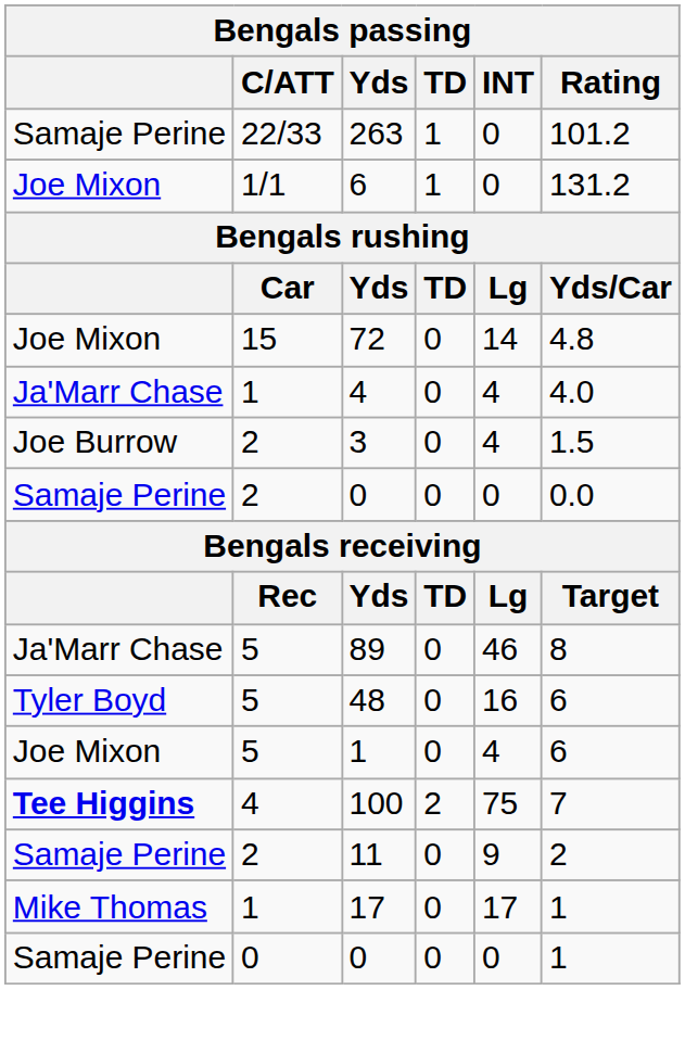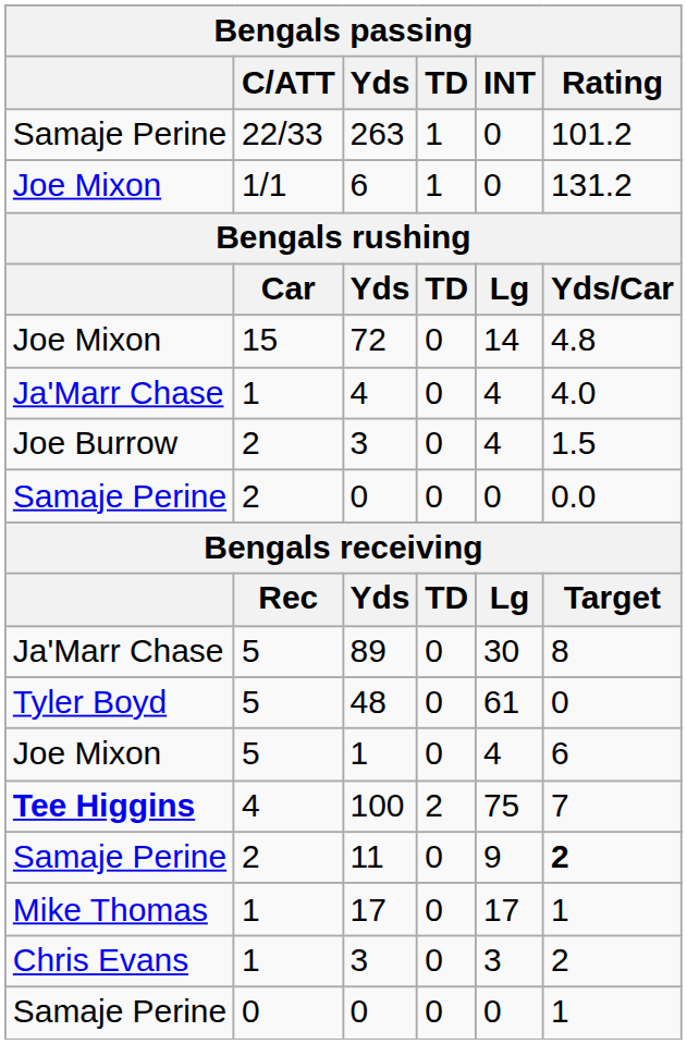 <table class="wikitable plainrowheaders">
 <tr>
 <th colspan="6">Bengals passing</th>
 </tr>
 <tr>
 <th scope="col"></th>
 <th scope="col">C/ATT</th>
 <th scope="col">Yds</th>
 <th scope="col">TD</th>
 <th scope="col">INT</th>
 <th scope="col">Rating</th>
 </tr>
 <tr>
 <td>Samaje Perine</td>
 <td>22/33</td>
 <td>263</td>
 <td>1</td>
 <td>0</td>
 <td>101.2</td>
 </tr>
 <tr>
 <td><a href='#'>Joe Mixon</a></td>
 <td>1/1</td>
 <td>6</td>
 <td>1</td>
 <td>0</td>
 <td>131.2</td>
 </tr>
 <tr>
 <th colspan="6">Bengals rushing</th>
 </tr>
 <tr>
 <th scope="col"></th>
 <th scope="col">Car</th>
 <th scope="col">Yds</th>
 <th scope="col">TD</th>
 <th scope="col">Lg</th>
 <th scope="col">Yds/Car</th>
 </tr>
 <tr>
 <td>Joe Mixon</td>
 <td>15</td>
 <td>72</td>
 <td>0</td>
 <td>14</td>
 <td>4.8</td>
 </tr>
 <tr>
 <td><a href='#'>Ja'Marr Chase</a></td>
 <td>1</td>
 <td>4</td>
 <td>0</td>
 <td>4</td>
 <td>4.0</td>
 </tr>
 <tr>
 <td>Joe Burrow</td>
 <td>2</td>
 <td>3</td>
 <td>0</td>
 <td>4</td>
 <td>1.5</td>
 </tr>
 <tr>
 <td><a href='#'>Samaje Perine</a></td>
 <td>2</td>
 <td>0</td>
 <td>0</td>
 <td>0</td>
 <td>0.0</td>
 </tr>
 <tr>
 <th colspan="6">Bengals receiving</th>
 </tr>
 <tr>
 <th scope="col"></th>
 <th scope="col">Rec</th>
 <th scope="col">Yds</th>
 <th scope="col">TD</th>
 <th scope="col">Lg</th>
 <th scope="col">Target</th>
 </tr>
 <tr>
 <td>Ja'Marr Chase</td>
 <td>5</td>
 <td>89</td>
 <td>0</td>
-<td>46</td>
+<td>30</td>
 <td>8</td>
 </tr>
 <tr>
 <td><a href='#'>Tyler Boyd</a></td>
 <td>5</td>
 <td>48</td>
 <td>0</td>
-<td>16</td>
-<td>6</td>
+<td>61</td>
+<td>0</td>
 </tr>
 <tr>
 <td>Joe Mixon</td>
 <td>5</td>
 <td>1</td>
 <td>0</td>
 <td>4</td>
 <td>6</td>
 </tr>
 <tr>
 <td><strong><a href='#'>Tee Higgins</a></strong></td>
 <td>4</td>
 <td>100</td>
 <td>2</td>
 <td>75</td>
 <td>7</td>
 </tr>
 <tr>
 <td><a href='#'>Samaje Perine</a></td>
 <td>2</td>
 <td>11</td>
 <td>0</td>
 <td>9</td>
-<td>2</td>
+<td><strong>2</strong></td>
 </tr>
 <tr>
 <td><a href='#'>Mike Thomas</a></td>
 <td>1</td>
 <td>17</td>
 <td>0</td>
 <td>17</td>
 <td>1</td>
 </tr>
 <tr>
+<td><a href='#'>Chris Evans</a></td>
+<td>1</td>
+<td>3</td>
+<td>0</td>
+<td>3</td>
+<td>2</td>
+</tr>
+<tr>
 <td>Samaje Perine</td>
 <td>0</td>
 <td>0</td>
 <td>0</td>
 <td>0</td>
 <td>1</td>
 </tr>
 </table>
